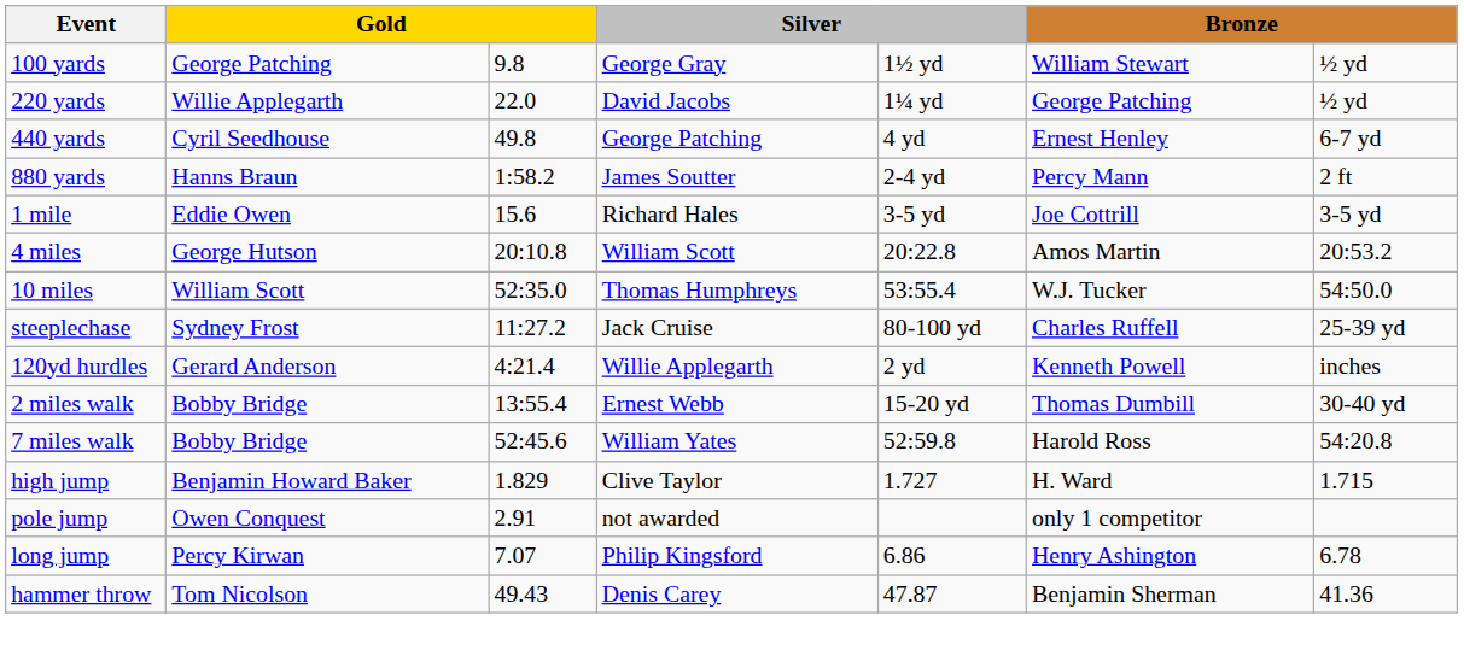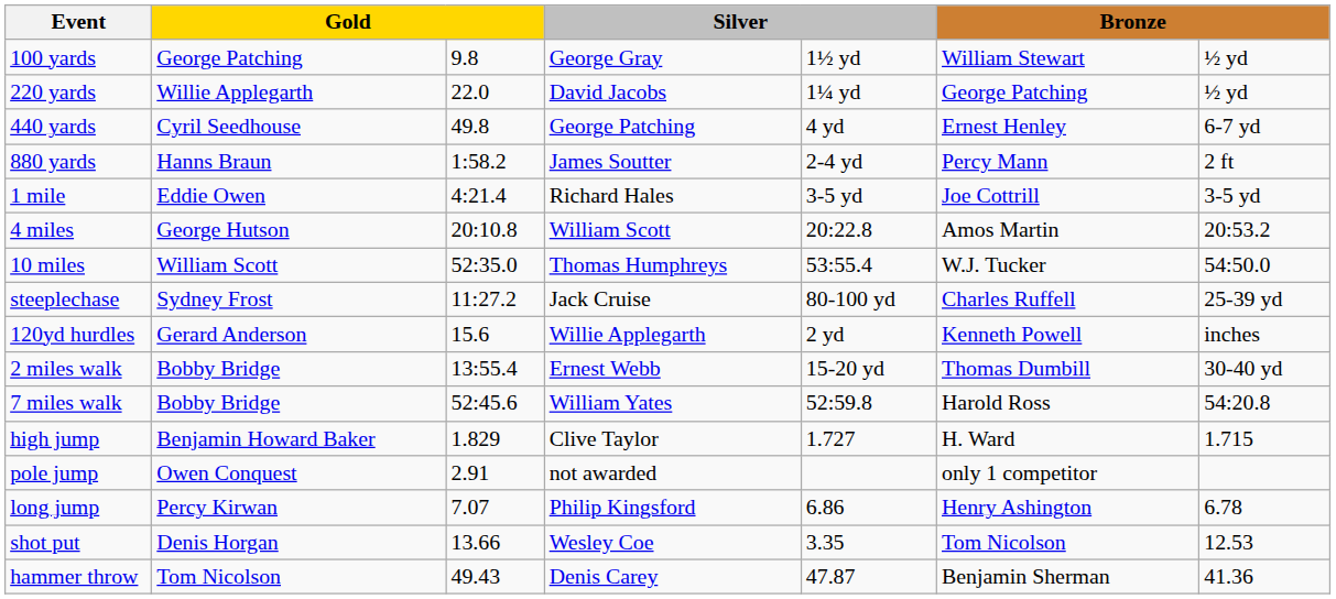 <table class="wikitable" style="text-align:left">
 <tr>
 <th width=100>Event</th>
 <th colspan="2" width="280" style="background:gold;">Gold</th>
 <th colspan="2" width="280" style="background:silver;">Silver</th>
 <th colspan="2" width="280" style="background:#CD7F32;">Bronze</th>
 </tr>
 <tr>
 <td><a href='#'>100 yards</a></td>
 <td> <a href='#'>George Patching</a></td>
 <td>9.8</td>
 <td><a href='#'>George Gray</a></td>
 <td>1½ yd</td>
 <td> <a href='#'>William Stewart</a></td>
 <td>½ yd</td>
 </tr>
 <tr>
 <td><a href='#'>220 yards</a></td>
 <td><a href='#'>Willie Applegarth</a></td>
 <td>22.0</td>
 <td> <a href='#'>David Jacobs</a></td>
 <td>1¼ yd</td>
 <td> <a href='#'>George Patching</a></td>
 <td>½ yd</td>
 </tr>
 <tr>
 <td><a href='#'>440 yards</a></td>
 <td><a href='#'>Cyril Seedhouse</a></td>
 <td>49.8</td>
 <td> <a href='#'>George Patching</a></td>
 <td>4 yd</td>
 <td><a href='#'>Ernest Henley</a></td>
 <td>6-7 yd</td>
 </tr>
 <tr>
 <td><a href='#'>880 yards</a></td>
 <td> <a href='#'>Hanns Braun</a></td>
 <td>1:58.2</td>
 <td> <a href='#'>James Soutter</a></td>
 <td>2-4 yd</td>
 <td><a href='#'>Percy Mann</a></td>
 <td>2 ft</td>
 </tr>
 <tr>
 <td><a href='#'>1 mile</a></td>
 <td><a href='#'>Eddie Owen</a></td>
-<td>15.6</td>
+<td>4:21.4</td>
 <td> Richard Hales</td>
 <td>3-5 yd</td>
 <td><a href='#'>Joe Cottrill</a></td>
 <td>3-5 yd</td>
 </tr>
 <tr>
 <td><a href='#'>4 miles</a></td>
 <td><a href='#'>George Hutson</a></td>
 <td>20:10.8</td>
 <td><a href='#'>William Scott</a></td>
 <td>20:22.8</td>
 <td>Amos Martin</td>
 <td>20:53.2</td>
 </tr>
 <tr>
 <td><a href='#'>10 miles</a></td>
 <td><a href='#'>William Scott</a></td>
 <td>52:35.0</td>
 <td><a href='#'>Thomas Humphreys</a></td>
 <td>53:55.4</td>
 <td>W.J. Tucker</td>
 <td>54:50.0</td>
 </tr>
 <tr>
 <td><a href='#'>steeplechase</a></td>
 <td><a href='#'>Sydney Frost</a></td>
 <td>11:27.2</td>
 <td>Jack Cruise</td>
 <td>80-100 yd</td>
 <td><a href='#'>Charles Ruffell</a></td>
 <td>25-39 yd</td>
 </tr>
 <tr>
 <td><a href='#'>120yd hurdles</a></td>
 <td><a href='#'>Gerard Anderson</a></td>
-<td>4:21.4</td>
+<td>15.6</td>
 <td><a href='#'>Willie Applegarth</a></td>
 <td>2 yd</td>
 <td><a href='#'>Kenneth Powell</a></td>
 <td>inches</td>
 </tr>
 <tr>
 <td><a href='#'>2 miles walk</a></td>
 <td><a href='#'>Bobby Bridge</a></td>
 <td>13:55.4</td>
 <td><a href='#'>Ernest Webb</a></td>
 <td>15-20 yd</td>
 <td><a href='#'>Thomas Dumbill</a></td>
 <td>30-40 yd</td>
 </tr>
 <tr>
 <td><a href='#'>7 miles walk</a></td>
 <td><a href='#'>Bobby Bridge</a></td>
 <td>52:45.6</td>
 <td><a href='#'>William Yates</a></td>
 <td>52:59.8</td>
 <td>Harold Ross</td>
 <td>54:20.8</td>
 </tr>
 <tr>
 <td><a href='#'>high jump</a></td>
 <td><a href='#'>Benjamin Howard Baker</a></td>
 <td>1.829</td>
 <td>Clive Taylor</td>
 <td>1.727</td>
 <td>H. Ward</td>
 <td>1.715</td>
 </tr>
 <tr>
 <td><a href='#'>pole jump</a></td>
 <td><a href='#'>Owen Conquest</a></td>
 <td>2.91</td>
 <td>not awarded</td>
 <td></td>
 <td>only 1 competitor</td>
 <td></td>
 </tr>
 <tr>
 <td><a href='#'>long jump</a></td>
 <td> <a href='#'>Percy Kirwan</a></td>
 <td>7.07</td>
 <td><a href='#'>Philip Kingsford</a></td>
 <td>6.86</td>
 <td><a href='#'>Henry Ashington</a></td>
 <td>6.78</td>
 </tr>
 <tr>
+<td><a href='#'>shot put</a></td>
+<td> <a href='#'>Denis Horgan</a></td>
+<td>13.66</td>
+<td> <a href='#'>Wesley Coe</a></td>
+<td>3.35</td>
+<td> <a href='#'>Tom Nicolson</a></td>
+<td>12.53</td>
+</tr>
+<tr>
 <td><a href='#'>hammer throw</a></td>
 <td> <a href='#'>Tom Nicolson</a></td>
 <td>49.43</td>
 <td> <a href='#'>Denis Carey</a></td>
 <td>47.87</td>
 <td> Benjamin Sherman</td>
 <td>41.36</td>
 </tr>
 </table>
